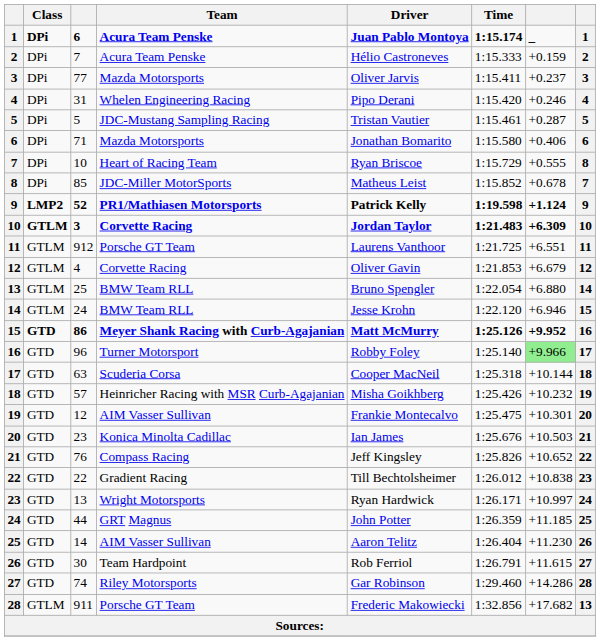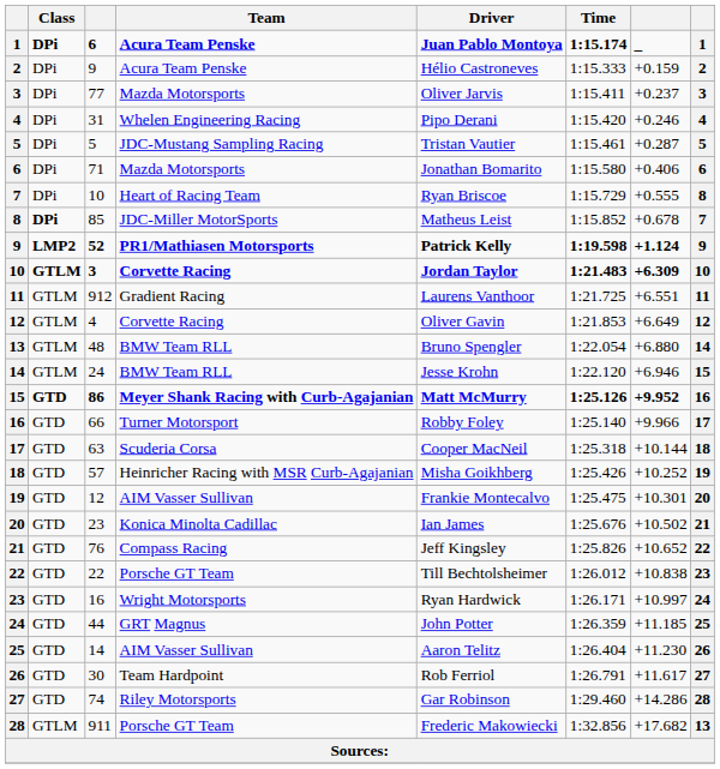 <table class="wikitable">
 <tr>
 <th scope="col"></th>
 <th scope="col">Class</th>
 <th scope="col"></th>
 <th scope="col">Team</th>
 <th scope="col">Driver</th>
 <th scope="col">Time</th>
 <th scope="col"></th>
 <th scope="col"></th>
 </tr>
 <tr style="font-weight:bold">
 <th scope="row">1</th>
 <td>DPi</td>
 <td>6</td>
 <td> <a href='#'>Acura Team Penske</a></td>
 <td> <a href='#'>Juan Pablo Montoya</a></td>
 <td>1:15.174</td>
 <td>_</td>
 <th><strong>1</strong></th>
 </tr>
 <tr>
 <th scope="row">2</th>
 <td>DPi</td>
-<td>7</td>
+<td>9</td>
 <td> <a href='#'>Acura Team Penske</a></td>
 <td> <a href='#'>Hélio Castroneves</a></td>
 <td>1:15.333</td>
 <td>+0.159</td>
 <th>2</th>
 </tr>
 <tr>
 <th scope="row">3</th>
 <td>DPi</td>
 <td>77</td>
 <td> <a href='#'>Mazda Motorsports</a></td>
 <td> <a href='#'>Oliver Jarvis</a></td>
 <td>1:15.411</td>
 <td>+0.237</td>
 <th>3</th>
 </tr>
 <tr>
 <th scope="row">4</th>
 <td>DPi</td>
 <td>31</td>
 <td> <a href='#'>Whelen Engineering Racing</a></td>
 <td> <a href='#'>Pipo Derani</a></td>
 <td>1:15.420</td>
 <td>+0.246</td>
 <th>4</th>
 </tr>
 <tr>
 <th scope="row">5</th>
 <td>DPi</td>
 <td>5</td>
 <td> <a href='#'>JDC-Mustang Sampling Racing</a></td>
 <td> <a href='#'>Tristan Vautier</a></td>
 <td>1:15.461</td>
 <td>+0.287</td>
 <th>5</th>
 </tr>
 <tr>
 <th scope="row">6</th>
 <td>DPi</td>
 <td>71</td>
 <td> <a href='#'>Mazda Motorsports</a></td>
 <td> <a href='#'>Jonathan Bomarito</a></td>
 <td>1:15.580</td>
 <td>+0.406</td>
 <th>6</th>
 </tr>
 <tr>
 <th scope="row">7</th>
 <td>DPi</td>
 <td>10</td>
 <td> <a href='#'>Heart of Racing Team</a></td>
 <td> <a href='#'>Ryan Briscoe</a></td>
 <td>1:15.729</td>
 <td>+0.555</td>
 <th>8</th>
 </tr>
 <tr>
 <th scope="row">8</th>
-<td>DPi</td>
+<td><strong>DPi</strong></td>
 <td>85</td>
 <td> <a href='#'>JDC-Miller MotorSports</a></td>
 <td> <a href='#'>Matheus Leist</a></td>
 <td>1:15.852</td>
 <td>+0.678</td>
 <th>7</th>
 </tr>
 <tr style="font-weight:bold">
 <th scope="row">9</th>
 <td>LMP2</td>
 <td>52</td>
 <td> <a href='#'>PR1/Mathiasen Motorsports</a></td>
 <td> Patrick Kelly</td>
 <td>1:19.598</td>
 <td>+1.124</td>
 <th><strong>9</strong></th>
 </tr>
 <tr style="font-weight:bold">
 <th scope="row">10</th>
 <td>GTLM</td>
 <td>3</td>
 <td> <a href='#'>Corvette Racing</a></td>
 <td> <a href='#'>Jordan Taylor</a></td>
 <td>1:21.483</td>
 <td>+6.309</td>
 <th><strong>10</strong></th>
 </tr>
 <tr>
 <th scope="row">11</th>
 <td>GTLM</td>
 <td>912</td>
-<td> <a href='#'>Porsche GT Team</a></td>
+<td> Gradient Racing</td>
 <td> <a href='#'>Laurens Vanthoor</a></td>
 <td>1:21.725</td>
 <td>+6.551</td>
 <th>11</th>
 </tr>
 <tr>
 <th scope="row">12</th>
 <td>GTLM</td>
 <td>4</td>
 <td> <a href='#'>Corvette Racing</a></td>
 <td> <a href='#'>Oliver Gavin</a></td>
 <td>1:21.853</td>
-<td>+6.679</td>
+<td>+6.649</td>
 <th>12</th>
 </tr>
 <tr>
 <th scope="row">13</th>
 <td>GTLM</td>
-<td>25</td>
+<td>48</td>
 <td> <a href='#'>BMW Team RLL</a></td>
 <td> <a href='#'>Bruno Spengler</a></td>
 <td>1:22.054</td>
 <td>+6.880</td>
 <th>14</th>
 </tr>
 <tr>
 <th scope="row">14</th>
 <td>GTLM</td>
 <td>24</td>
 <td> <a href='#'>BMW Team RLL</a></td>
 <td> <a href='#'>Jesse Krohn</a></td>
 <td>1:22.120</td>
 <td>+6.946</td>
 <th>15</th>
 </tr>
 <tr style="font-weight:bold">
 <th scope="row">15</th>
 <td>GTD</td>
 <td>86</td>
 <td> <a href='#'>Meyer Shank Racing</a> with <a href='#'>Curb-Agajanian</a></td>
 <td> <a href='#'>Matt McMurry</a></td>
 <td>1:25.126</td>
 <td>+9.952</td>
 <th><strong>16</strong></th>
 </tr>
 <tr>
 <th scope="row">16</th>
 <td>GTD</td>
-<td>96</td>
+<td>66</td>
 <td> <a href='#'>Turner Motorsport</a></td>
 <td> <a href='#'>Robby Foley</a></td>
 <td>1:25.140</td>
-<td style="background: lightgreen;">+9.966</td>
+<td>+9.966</td>
 <th>17</th>
 </tr>
 <tr>
 <th scope="row">17</th>
 <td>GTD</td>
 <td>63</td>
 <td> <a href='#'>Scuderia Corsa</a></td>
 <td> <a href='#'>Cooper MacNeil</a></td>
 <td>1:25.318</td>
 <td>+10.144</td>
 <th>18</th>
 </tr>
 <tr>
 <th scope="row">18</th>
 <td>GTD</td>
 <td>57</td>
 <td> Heinricher Racing with <a href='#'>MSR</a> <a href='#'>Curb-Agajanian</a></td>
 <td> <a href='#'>Misha Goikhberg</a></td>
 <td>1:25.426</td>
-<td>+10.232</td>
+<td>+10.252</td>
 <th>19</th>
 </tr>
 <tr>
 <th scope="row">19</th>
 <td>GTD</td>
 <td>12</td>
 <td> <a href='#'>AIM Vasser Sullivan</a></td>
 <td> <a href='#'>Frankie Montecalvo</a></td>
 <td>1:25.475</td>
 <td>+10.301</td>
 <th>20</th>
 </tr>
 <tr>
 <th scope="row">20</th>
 <td>GTD</td>
 <td>23</td>
 <td> <a href='#'>Konica Minolta Cadillac</a></td>
 <td> <a href='#'>Ian James</a></td>
 <td>1:25.676</td>
-<td>+10.503</td>
+<td>+10.502</td>
 <th>21</th>
 </tr>
 <tr>
 <th scope="row">21</th>
 <td>GTD</td>
 <td>76</td>
 <td> <a href='#'>Compass Racing</a></td>
 <td> Jeff Kingsley</td>
 <td>1:25.826</td>
 <td>+10.652</td>
 <th>22</th>
 </tr>
 <tr>
 <th scope="row">22</th>
 <td>GTD</td>
 <td>22</td>
-<td> Gradient Racing</td>
+<td> <a href='#'>Porsche GT Team</a></td>
 <td> Till Bechtolsheimer</td>
 <td>1:26.012</td>
 <td>+10.838</td>
 <th>23</th>
 </tr>
 <tr>
 <th scope="row">23</th>
 <td>GTD</td>
-<td>13</td>
+<td>16</td>
 <td> <a href='#'>Wright Motorsports</a></td>
 <td> Ryan Hardwick</td>
 <td>1:26.171</td>
 <td>+10.997</td>
 <th>24</th>
 </tr>
 <tr>
 <th scope="row">24</th>
 <td>GTD</td>
 <td>44</td>
 <td> <a href='#'>GRT</a> <a href='#'>Magnus</a></td>
 <td> <a href='#'>John Potter</a></td>
 <td>1:26.359</td>
 <td>+11.185</td>
 <th>25</th>
 </tr>
 <tr>
 <th scope="row">25</th>
 <td>GTD</td>
 <td>14</td>
 <td> <a href='#'>AIM Vasser Sullivan</a></td>
 <td> <a href='#'>Aaron Telitz</a></td>
 <td>1:26.404</td>
 <td>+11.230</td>
 <th>26</th>
 </tr>
 <tr>
 <th scope="row">26</th>
 <td>GTD</td>
 <td>30</td>
 <td> Team Hardpoint</td>
 <td> Rob Ferriol</td>
 <td>1:26.791</td>
-<td>+11.615</td>
+<td>+11.617</td>
 <th>27</th>
 </tr>
 <tr>
 <th scope="row">27</th>
 <td>GTD</td>
 <td>74</td>
 <td> <a href='#'>Riley Motorsports</a></td>
 <td> <a href='#'>Gar Robinson</a></td>
 <td>1:29.460</td>
 <td>+14.286</td>
 <th>28</th>
 </tr>
 <tr>
 <th scope="row">28</th>
 <td>GTLM</td>
 <td>911</td>
 <td> <a href='#'>Porsche GT Team</a></td>
 <td> <a href='#'>Frederic Makowiecki</a></td>
 <td>1:32.856</td>
 <td>+17.682</td>
 <th>13</th>
 </tr>
 <tr>
 <th colspan="8">Sources:</th>
 </tr>
 <tr>
 </tr>
 </table>
